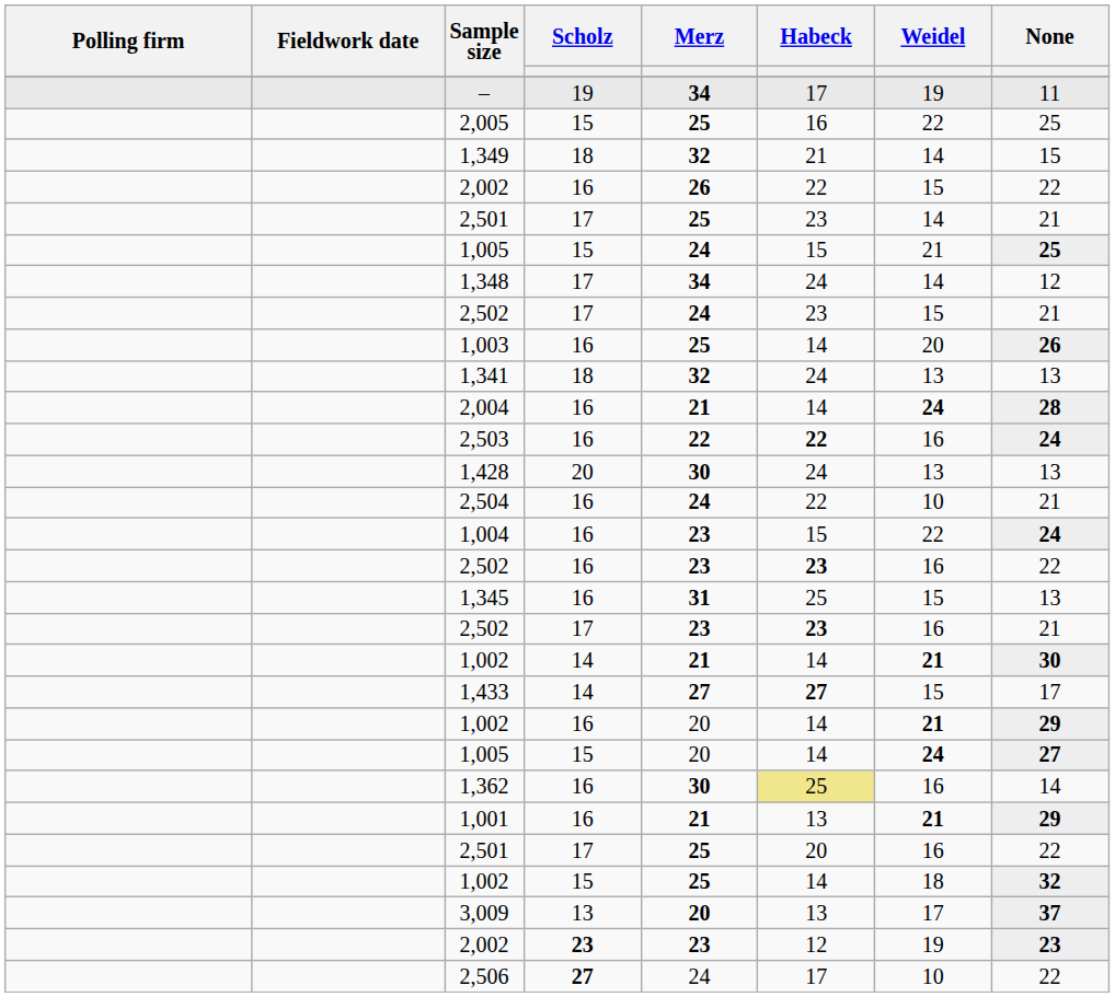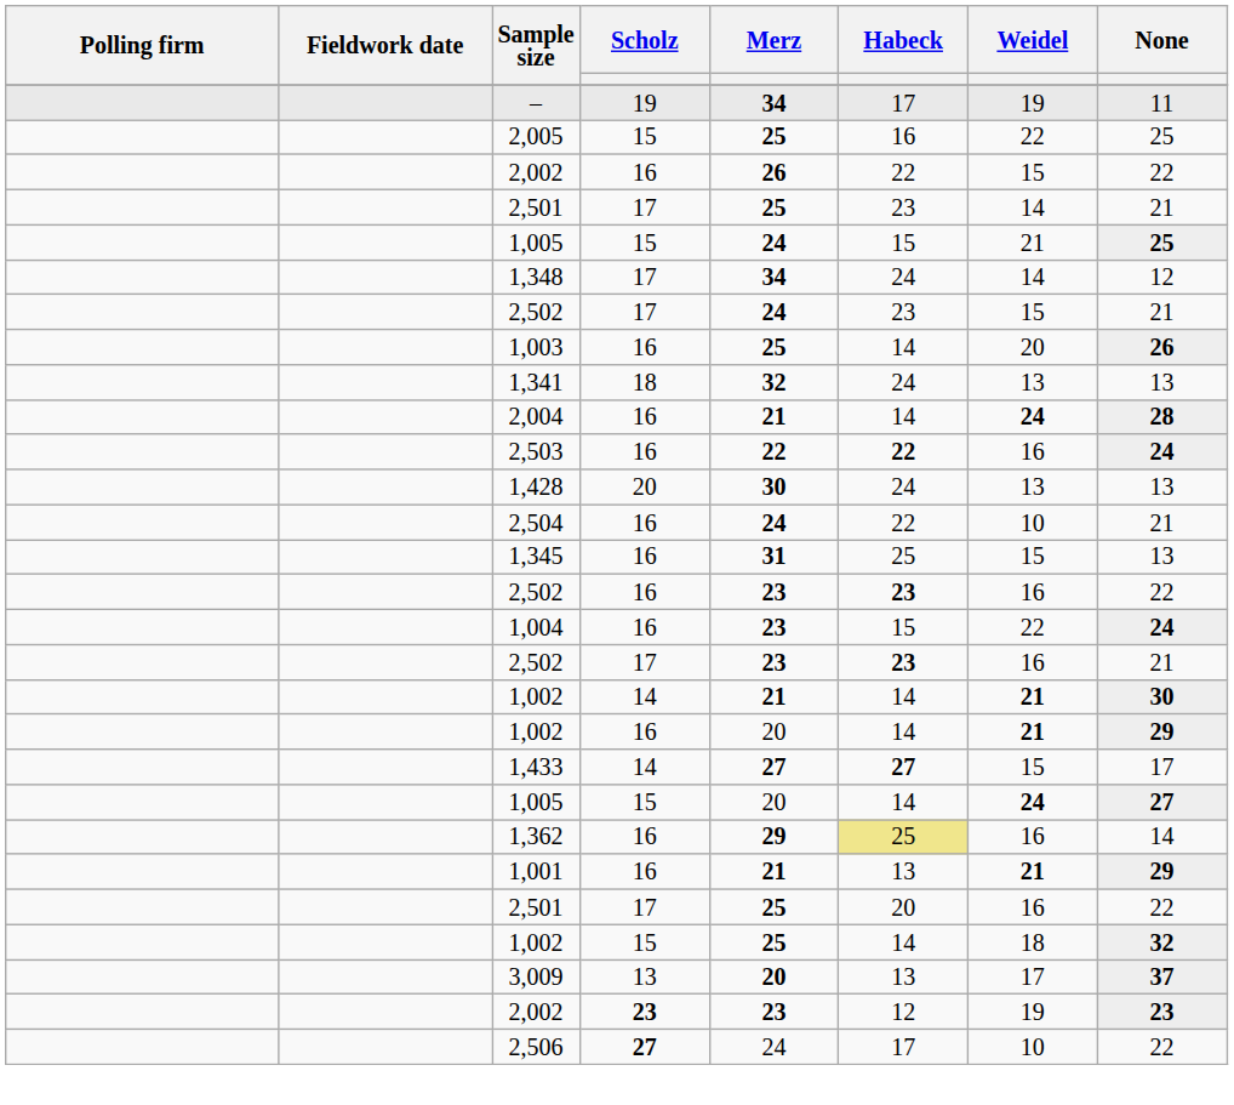 <table class="wikitable sortable mw-datatable" style="text-align:center;font-size:90%;line-height:14px;">
 <tr style="height:40px;">
 <th style="width:155px;" rowspan="2">Polling firm</th>
 <th style="width:120px;" rowspan="2">Fieldwork date</th>
 <th style="width: 35px;" rowspan="2">Sample<br>size</th>
 <th class="unsortable" style="width:70px;"><a href='#'>Scholz</a><br></th>
 <th class="unsortable" style="width:70px;"><a href='#'>Merz</a><br></th>
 <th class="unsortable" style="width:70px;"><a href='#'>Habeck</a><br></th>
 <th class="unsortable" style="width:70px;"><a href='#'>Weidel</a><br></th>
 <th class="unsortable" style="width:70px;">None</th>
 </tr>
 <tr>
 <th style="background:"></th>
 <th style="background:"></th>
 <th style="background:"></th>
 <th style="background:"></th>
 <th style="background:"></th>
 </tr>
 <tr>
 </tr>
 <tr style="background:#E9E9E9;">
 <td></td>
 <td></td>
 <td>–</td>
 <td>19</td>
 <td><strong>34</strong></td>
 <td>17</td>
 <td>19</td>
 <td>11</td>
 </tr>
 <tr>
 <td></td>
 <td></td>
 <td>2,005</td>
 <td>15</td>
 <td><strong>25</strong></td>
 <td>16</td>
 <td>22</td>
 <td>25</td>
-</tr>
-<tr>
-<td></td>
-<td></td>
-<td>1,349</td>
-<td>18</td>
-<td><strong>32</strong></td>
-<td>21</td>
-<td>14</td>
-<td>15</td>
 </tr>
 <tr>
 <td></td>
 <td></td>
 <td>2,002</td>
 <td>16</td>
 <td><strong>26</strong></td>
 <td>22</td>
 <td>15</td>
 <td>22</td>
 </tr>
 <tr>
 <td></td>
 <td></td>
 <td>2,501</td>
 <td>17</td>
 <td><strong>25</strong></td>
 <td>23</td>
 <td>14</td>
 <td>21</td>
 </tr>
 <tr>
 <td></td>
 <td></td>
 <td>1,005</td>
 <td>15</td>
 <td><strong>24</strong></td>
 <td>15</td>
 <td>21</td>
 <td style="background:#EEEEEE;"><strong>25</strong></td>
 </tr>
 <tr>
 <td></td>
 <td></td>
 <td>1,348</td>
 <td>17</td>
 <td><strong>34</strong></td>
 <td>24</td>
 <td>14</td>
 <td>12</td>
 </tr>
 <tr>
 <td></td>
 <td></td>
 <td>2,502</td>
 <td>17</td>
 <td><strong>24</strong></td>
 <td>23</td>
 <td>15</td>
 <td>21</td>
 </tr>
 <tr>
 <td></td>
 <td></td>
 <td>1,003</td>
 <td>16</td>
 <td><strong>25</strong></td>
 <td>14</td>
 <td>20</td>
 <td style="background:#EEEEEE;"><strong>26</strong></td>
 </tr>
 <tr>
 <td></td>
 <td></td>
 <td>1,341</td>
 <td>18</td>
 <td><strong>32</strong></td>
 <td>24</td>
 <td>13</td>
 <td>13</td>
 </tr>
 <tr>
 <td></td>
 <td></td>
 <td>2,004</td>
 <td>16</td>
 <td><strong>21</strong></td>
 <td>14</td>
 <td><strong>24</strong></td>
 <td style="background:#EEEEEE;"><strong>28</strong></td>
 </tr>
 <tr>
 <td></td>
 <td></td>
 <td>2,503</td>
 <td>16</td>
 <td><strong>22</strong></td>
 <td><strong>22</strong></td>
 <td>16</td>
 <td style="background:#EEEEEE;"><strong>24</strong></td>
 </tr>
 <tr>
 <td></td>
 <td></td>
 <td>1,428</td>
 <td>20</td>
 <td><strong>30</strong></td>
 <td>24</td>
 <td>13</td>
 <td>13</td>
 </tr>
 <tr>
 <td></td>
 <td></td>
 <td>2,504</td>
 <td>16</td>
 <td><strong>24</strong></td>
 <td>22</td>
 <td>10</td>
 <td>21</td>
 </tr>
 <tr>
 <td></td>
 <td></td>
-<td>1,004</td>
+<td>1,345</td>
 <td>16</td>
-<td><strong>23</strong></td>
+<td><strong>31</strong></td>
+<td>25</td>
 <td>15</td>
-<td>22</td>
-<td style="background:#EEEEEE;"><strong>24</strong></td>
+<td>13</td>
 </tr>
 <tr>
 <td></td>
 <td></td>
 <td>2,502</td>
 <td>16</td>
 <td><strong>23</strong></td>
 <td><strong>23</strong></td>
 <td>16</td>
 <td>22</td>
 </tr>
 <tr>
 <td></td>
 <td></td>
-<td>1,345</td>
+<td>1,004</td>
 <td>16</td>
-<td><strong>31</strong></td>
-<td>25</td>
+<td><strong>23</strong></td>
 <td>15</td>
-<td>13</td>
+<td>22</td>
+<td style="background:#EEEEEE;"><strong>24</strong></td>
 </tr>
 <tr>
 <td></td>
 <td></td>
 <td>2,502</td>
 <td>17</td>
 <td><strong>23</strong></td>
 <td><strong>23</strong></td>
 <td>16</td>
 <td>21</td>
 </tr>
 <tr>
 <td></td>
 <td></td>
 <td>1,002</td>
 <td>14</td>
 <td><strong>21</strong></td>
 <td>14</td>
 <td><strong>21</strong></td>
 <td style="background:#EEEEEE;"><strong>30</strong></td>
 </tr>
 <tr>
 <td></td>
 <td></td>
+<td>1,002</td>
+<td>16</td>
+<td>20</td>
+<td>14</td>
+<td><strong>21</strong></td>
+<td style="background:#EEEEEE;"><strong>29</strong></td>
+</tr>
+<tr>
+<td></td>
+<td></td>
 <td>1,433</td>
 <td>14</td>
 <td><strong>27</strong></td>
 <td><strong>27</strong></td>
 <td>15</td>
 <td>17</td>
-</tr>
-<tr>
-<td></td>
-<td></td>
-<td>1,002</td>
-<td>16</td>
-<td>20</td>
-<td>14</td>
-<td><strong>21</strong></td>
-<td style="background:#EEEEEE;"><strong>29</strong></td>
 </tr>
 <tr>
 <td></td>
 <td></td>
 <td>1,005</td>
 <td>15</td>
 <td>20</td>
 <td>14</td>
 <td><strong>24</strong></td>
 <td style="background:#EEEEEE;"><strong>27</strong></td>
 </tr>
 <tr>
 <td></td>
 <td></td>
 <td>1,362</td>
 <td>16</td>
-<td><strong>30</strong></td>
+<td><strong>29</strong></td>
 <td style="background: khaki;">25</td>
 <td>16</td>
 <td>14</td>
 </tr>
 <tr>
 <td></td>
 <td></td>
 <td>1,001</td>
 <td>16</td>
 <td><strong>21</strong></td>
 <td>13</td>
 <td><strong>21</strong></td>
 <td style="background:#EEEEEE;"><strong>29</strong></td>
 </tr>
 <tr>
 <td></td>
 <td></td>
 <td>2,501</td>
 <td>17</td>
 <td><strong>25</strong></td>
 <td>20</td>
 <td>16</td>
 <td>22</td>
 </tr>
 <tr>
 <td></td>
 <td></td>
 <td>1,002</td>
 <td>15</td>
 <td><strong>25</strong></td>
 <td>14</td>
 <td>18</td>
 <td style="background:#EEEEEE;"><strong>32</strong></td>
 </tr>
 <tr>
 <td></td>
 <td></td>
 <td>3,009</td>
 <td>13</td>
 <td><strong>20</strong></td>
 <td>13</td>
 <td>17</td>
 <td style="background:#EEEEEE;"><strong>37</strong></td>
 </tr>
 <tr>
 <td></td>
 <td></td>
 <td>2,002</td>
 <td><strong>23</strong></td>
 <td><strong>23</strong></td>
 <td>12</td>
 <td>19</td>
 <td style="background:#EEEEEE;"><strong>23</strong></td>
 </tr>
 <tr>
 <td></td>
 <td></td>
 <td>2,506</td>
 <td><strong>27</strong></td>
 <td>24</td>
 <td>17</td>
 <td>10</td>
 <td>22</td>
 </tr>
 <tr>
 </tr>
 </table>
